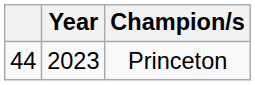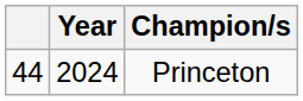 <table class="wikitable sortable" style="text-align:center">
 <tr>
 <th></th>
 <th>Year</th>
 <th>Champion/s</th>
 </tr>
 <tr>
 <td>44</td>
-<td>2023</td>
+<td>2024</td>
 <td>Princeton </td>
 </tr>
 </table>
